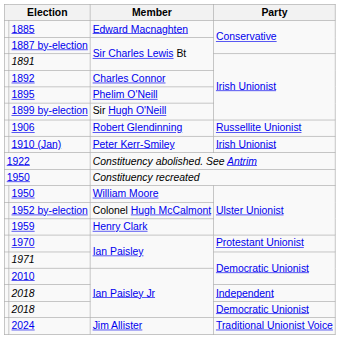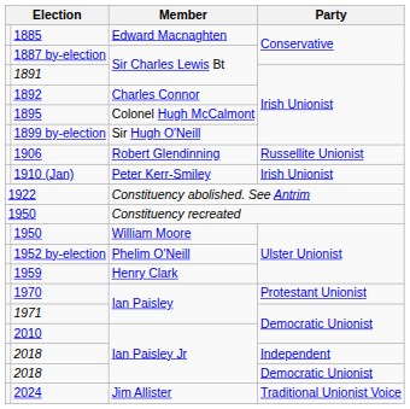 <table class="wikitable">
 <tr>
 <th colspan="2">Election</th>
 <th>Member</th>
 <th>Party</th>
 </tr>
 <tr>
 <td style="color:inherit;background-color: "></td>
 <td><a href='#'>1885</a></td>
 <td><a href='#'>Edward Macnaghten</a></td>
 <td rowspan="2"><a href='#'>Conservative</a></td>
 </tr>
 <tr>
 <td style="color:inherit;background-color: "></td>
 <td><a href='#'>1887 by-election</a></td>
 <td rowspan="2"><a href='#'>Sir Charles Lewis</a> Bt</td>
 </tr>
 <tr>
 <td style="color:inherit;background-color: "></td>
 <td><em>1891</em></td>
 <td rowspan="4"><a href='#'>Irish Unionist</a></td>
 </tr>
 <tr>
 <td style="color:inherit;background-color: "></td>
 <td><a href='#'>1892</a></td>
 <td><a href='#'>Charles Connor</a></td>
 </tr>
 <tr>
 <td style="color:inherit;background-color: "></td>
 <td><a href='#'>1895</a></td>
-<td><a href='#'>Phelim O'Neill</a></td>
+<td>Colonel <a href='#'>Hugh McCalmont</a></td>
 </tr>
 <tr>
 <td style="color:inherit;background-color: "></td>
 <td><a href='#'>1899 by-election</a></td>
 <td>Sir <a href='#'>Hugh O'Neill</a></td>
 </tr>
 <tr>
 <td style="color:inherit;background-color: "></td>
 <td><a href='#'>1906</a></td>
 <td><a href='#'>Robert Glendinning</a></td>
 <td><a href='#'>Russellite Unionist</a></td>
 </tr>
 <tr>
 <td style="color:inherit;background-color: "></td>
 <td><a href='#'>1910 (Jan)</a></td>
 <td><a href='#'>Peter Kerr-Smiley</a></td>
 <td><a href='#'>Irish Unionist</a></td>
 </tr>
 <tr>
 <td colspan="2"><a href='#'>1922</a></td>
 <td colspan="3"><em>Constituency abolished.  See <a href='#'>Antrim</a></em></td>
 </tr>
 <tr>
 <td colspan="2"><a href='#'>1950</a></td>
 <td colspan="3"><em>Constituency recreated</em></td>
 </tr>
 <tr>
 <td style="color:inherit;background-color: "></td>
 <td><a href='#'>1950</a></td>
 <td><a href='#'>William Moore</a></td>
 <td rowspan="3"><a href='#'>Ulster Unionist</a></td>
 </tr>
 <tr>
 <td style="color:inherit;background-color: "></td>
 <td><a href='#'>1952 by-election</a></td>
-<td>Colonel <a href='#'>Hugh McCalmont</a></td>
+<td><a href='#'>Phelim O'Neill</a></td>
 </tr>
 <tr>
 <td style="color:inherit;background-color: "></td>
 <td><a href='#'>1959</a></td>
 <td><a href='#'>Henry Clark</a></td>
 </tr>
 <tr>
 <td style="color:inherit;background-color: "></td>
 <td><a href='#'>1970</a></td>
 <td rowspan="2"><a href='#'>Ian Paisley</a></td>
 <td><a href='#'>Protestant Unionist</a></td>
 </tr>
 <tr>
 <td style="color:inherit;background-color: "></td>
 <td><em>1971</em></td>
 <td rowspan="2"><a href='#'>Democratic Unionist</a></td>
 </tr>
 <tr>
 <td style="color:inherit;background-color: "></td>
 <td><a href='#'>2010</a></td>
 <td rowspan="3"><a href='#'>Ian Paisley Jr</a></td>
 </tr>
 <tr>
 <td style="color:inherit;background-color: "></td>
 <td><em>2018</em></td>
 <td><a href='#'>Independent</a></td>
 </tr>
 <tr>
 <td style="color:inherit;background-color: "></td>
 <td><em>2018</em></td>
 <td><a href='#'>Democratic Unionist</a></td>
 </tr>
 <tr>
 <td style="color:inherit;background-color: "></td>
 <td><a href='#'>2024</a></td>
 <td><a href='#'>Jim Allister</a></td>
 <td><a href='#'>Traditional Unionist Voice</a></td>
 </tr>
 </table>
